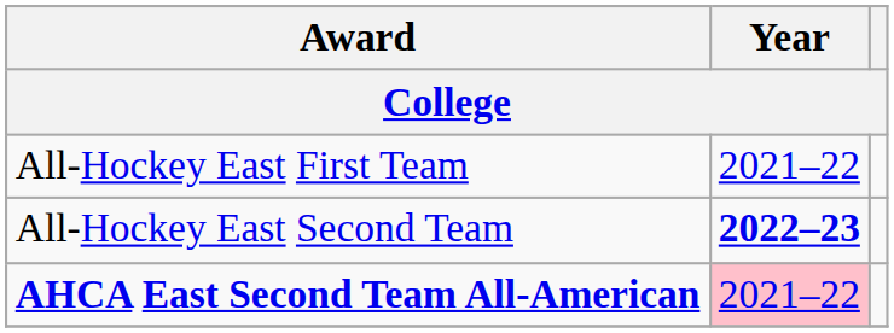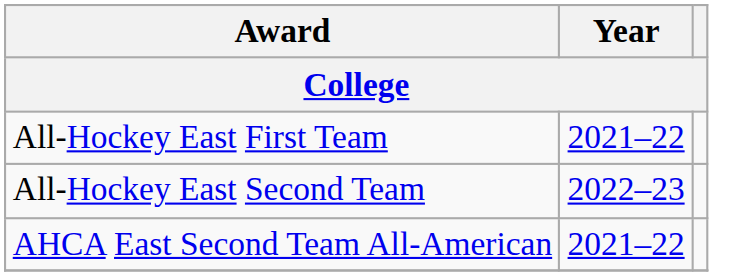 <table class="wikitable">
 <tr>
 <th>Award</th>
 <th>Year</th>
 <th></th>
 </tr>
 <tr>
 <th colspan="3"><a href='#'>College</a></th>
 </tr>
 <tr>
 <td>All-<a href='#'>Hockey East</a> <a href='#'>First Team</a></td>
 <td><a href='#'>2021–22</a></td>
 <td></td>
 </tr>
 <tr>
 <td>All-<a href='#'>Hockey East</a> <a href='#'>Second Team</a></td>
-<td><strong><a href='#'>2022–23</a></strong></td>
+<td><a href='#'>2022–23</a></td>
 <td></td>
 </tr>
 <tr>
-<td><strong><a href='#'>AHCA</a> <a href='#'>East Second Team All-American</a></strong></td>
-<td style="background: pink;"><a href='#'>2021–22</a></td>
+<td><a href='#'>AHCA</a> <a href='#'>East Second Team All-American</a></td>
+<td><a href='#'>2021–22</a></td>
 <td></td>
 </tr>
 <tr>
 </tr>
 </table>
